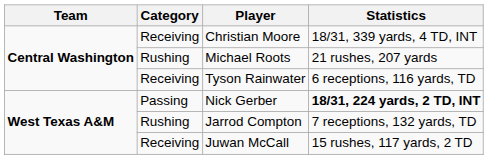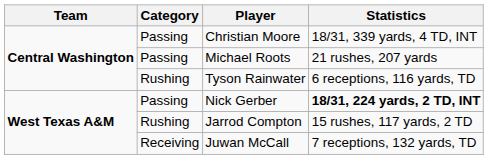 <table class="wikitable" style="float: left;">
 <tr>
 <th>Team</th>
 <th>Category</th>
 <th>Player</th>
 <th>Statistics</th>
 </tr>
 <tr>
 <td rowspan=3><strong>Central Washington</strong></td>
-<td>Receiving</td>
+<td>Passing</td>
 <td>Christian Moore</td>
 <td>18/31, 339 yards, 4 TD, INT</td>
 </tr>
 <tr>
-<td>Rushing</td>
+<td>Passing</td>
 <td>Michael Roots</td>
 <td>21 rushes, 207 yards</td>
 </tr>
 <tr>
-<td>Receiving</td>
+<td>Rushing</td>
 <td>Tyson Rainwater</td>
 <td>6 receptions, 116 yards, TD</td>
 </tr>
 <tr>
 <td rowspan=3><strong>West Texas A&M</strong></td>
 <td>Passing</td>
 <td>Nick Gerber</td>
 <td><strong>18/31, 224 yards, 2 TD, INT</strong></td>
 </tr>
 <tr>
 <td>Rushing</td>
 <td>Jarrod Compton</td>
-<td>7 receptions, 132 yards, TD</td>
+<td>15 rushes, 117 yards, 2 TD</td>
 </tr>
 <tr>
 <td>Receiving</td>
 <td>Juwan McCall</td>
-<td>15 rushes, 117 yards, 2 TD</td>
+<td>7 receptions, 132 yards, TD</td>
 </tr>
 </table>
